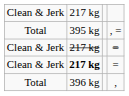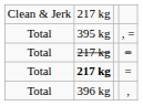 <table class = "wikitable" style="text-align:center;">
 <tr>
 <td>Clean & Jerk</td>
 <td>217 kg</td>
 <td align=left></td>
 <td></td>
 </tr>
 <tr>
 <td>Total</td>
 <td>395 kg</td>
 <td align=left></td>
 <td>, =</td>
 </tr>
 <tr>
-<td>Clean & Jerk</td>
+<td>Total</td>
 <td><s>217 kg</s></td>
 <td align=left><s></s></td>
 <td><s>=</s></td>
 </tr>
 <tr>
-<td>Clean & Jerk</td>
+<td>Total</td>
 <td><strong>217 kg</strong></td>
 <td align=left></td>
 <td>=</td>
 </tr>
 <tr>
 <td>Total</td>
 <td>396 kg</td>
 <td align=left></td>
 <td>, </td>
 </tr>
 </table>
